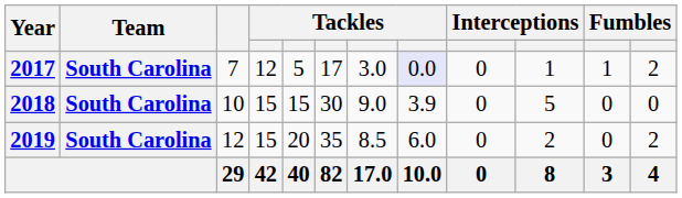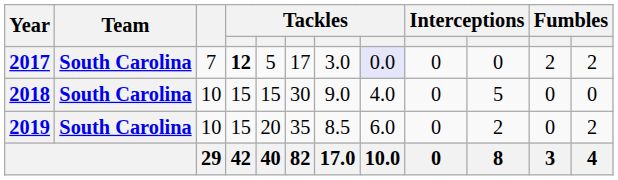 <table class="wikitable sortable" style="text-align:center;">
 <tr>
 <th rowspan="2">Year</th>
 <th rowspan="2">Team</th>
 <th rowspan="2"></th>
 <th colspan="5">Tackles</th>
 <th colspan="2">Interceptions</th>
 <th colspan="2">Fumbles</th>
 </tr>
 <tr>
 <th></th>
 <th></th>
 <th></th>
 <th></th>
 <th></th>
 <th></th>
 <th></th>
 <th></th>
 <th></th>
 </tr>
 <tr>
 <th><a href='#'>2017</a></th>
 <th><a href='#'>South Carolina</a></th>
 <td>7</td>
-<td>12</td>
+<td><strong>12</strong></td>
 <td>5</td>
 <td>17</td>
 <td>3.0</td>
 <td style="background: lavender;">0.0</td>
 <td>0</td>
-<td>1</td>
-<td>1</td>
+<td>0</td>
+<td>2</td>
 <td>2</td>
 </tr>
 <tr>
 <th><a href='#'>2018</a></th>
 <th><a href='#'>South Carolina</a></th>
 <td>10</td>
 <td>15</td>
 <td>15</td>
 <td>30</td>
 <td>9.0</td>
-<td>3.9</td>
+<td>4.0</td>
 <td>0</td>
 <td>5</td>
 <td>0</td>
 <td>0</td>
 </tr>
 <tr>
 <th><a href='#'>2019</a></th>
 <th><a href='#'>South Carolina</a></th>
-<td>12</td>
+<td>10</td>
 <td>15</td>
 <td>20</td>
 <td>35</td>
 <td>8.5</td>
 <td>6.0</td>
 <td>0</td>
 <td>2</td>
 <td>0</td>
 <td>2</td>
 </tr>
 <tr>
 <th colspan="2"></th>
 <th>29</th>
 <th>42</th>
 <th>40</th>
 <th>82</th>
 <th>17.0</th>
 <th>10.0</th>
 <th>0</th>
 <th>8</th>
 <th>3</th>
 <th>4</th>
 </tr>
 </table>
